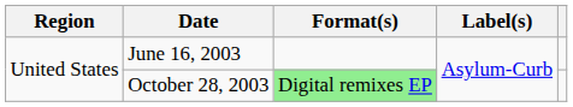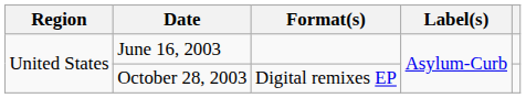 <table class="wikitable">
 <tr>
 <th>Region</th>
 <th>Date</th>
 <th>Format(s)</th>
 <th>Label(s)</th>
 <th></th>
 </tr>
 <tr>
 <td rowspan="2">United States</td>
 <td>June 16, 2003</td>
 <td></td>
 <td rowspan="2"><a href='#'>Asylum-Curb</a></td>
 <td></td>
 </tr>
 <tr>
 <td>October 28, 2003</td>
-<td style="background: lightgreen;">Digital remixes <a href='#'>EP</a></td>
+<td>Digital remixes <a href='#'>EP</a></td>
 <td></td>
 </tr>
 </table>
